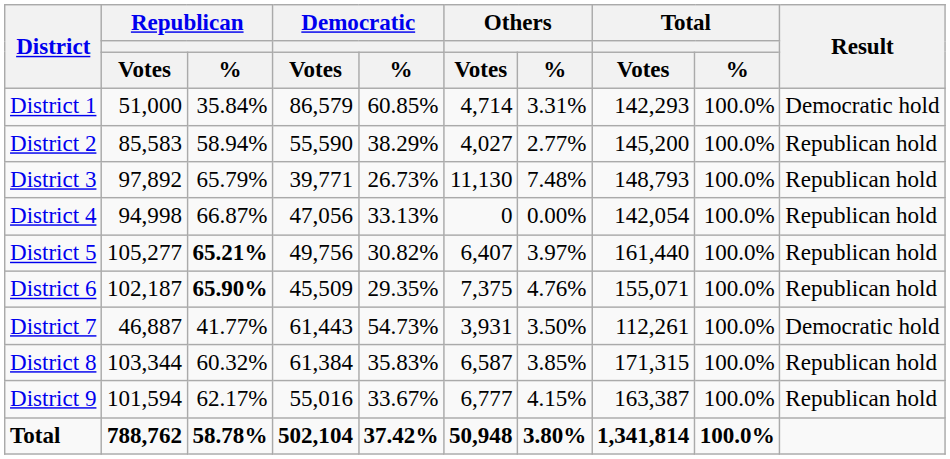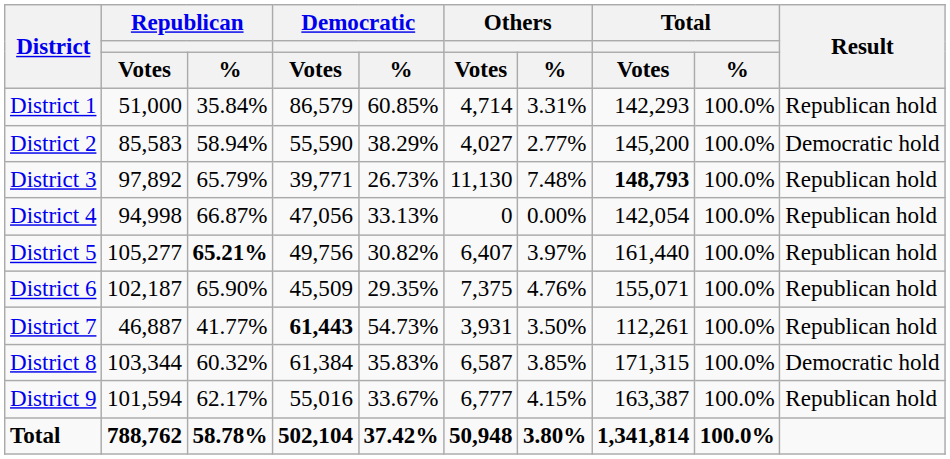 <table class="wikitable plainrowheaders sortable" style="font-size:100%; text-align:right;">
 <tr>
 <th scope=col rowspan=3><a href='#'>District</a></th>
 <th scope=col colspan=2><a href='#'>Republican</a></th>
 <th scope=col colspan=2><a href='#'>Democratic</a></th>
 <th scope=col colspan=2>Others</th>
 <th scope=col colspan=2>Total</th>
 <th scope=col rowspan=3>Result</th>
 </tr>
 <tr>
 <th scope=col colspan=2 style="background:"></th>
 <th scope=col colspan=2 style="background:"></th>
 <th scope=col colspan=2></th>
 <th scope=col colspan=2></th>
 </tr>
 <tr>
 <th scope=col data-sort-type="number">Votes</th>
 <th scope=col data-sort-type="number">%</th>
 <th scope=col data-sort-type="number">Votes</th>
 <th scope=col data-sort-type="number">%</th>
 <th scope=col data-sort-type="number">Votes</th>
 <th scope=col data-sort-type="number">%</th>
 <th scope=col data-sort-type="number">Votes</th>
 <th scope=col data-sort-type="number">%</th>
 </tr>
 <tr>
 <td align=left><a href='#'>District 1</a></td>
 <td>51,000</td>
 <td>35.84%</td>
 <td>86,579</td>
 <td>60.85%</td>
 <td>4,714</td>
 <td>3.31%</td>
 <td>142,293</td>
 <td>100.0%</td>
-<td align=left>Democratic hold</td>
+<td align=left>Republican hold</td>
 </tr>
 <tr>
 <td align=left><a href='#'>District 2</a></td>
 <td>85,583</td>
 <td>58.94%</td>
 <td>55,590</td>
 <td>38.29%</td>
 <td>4,027</td>
 <td>2.77%</td>
 <td>145,200</td>
 <td>100.0%</td>
-<td align=left>Republican hold</td>
+<td align=left>Democratic hold</td>
 </tr>
 <tr>
 <td align=left><a href='#'>District 3</a></td>
 <td>97,892</td>
 <td>65.79%</td>
 <td>39,771</td>
 <td>26.73%</td>
 <td>11,130</td>
 <td>7.48%</td>
-<td>148,793</td>
+<td><strong>148,793</strong></td>
 <td>100.0%</td>
 <td align=left>Republican hold</td>
 </tr>
 <tr>
 <td align=left><a href='#'>District 4</a></td>
 <td>94,998</td>
 <td>66.87%</td>
 <td>47,056</td>
 <td>33.13%</td>
 <td>0</td>
 <td>0.00%</td>
 <td>142,054</td>
 <td>100.0%</td>
 <td align=left>Republican hold</td>
 </tr>
 <tr>
 <td align=left><a href='#'>District 5</a></td>
 <td>105,277</td>
 <td><strong>65.21%</strong></td>
 <td>49,756</td>
 <td>30.82%</td>
 <td>6,407</td>
 <td>3.97%</td>
 <td>161,440</td>
 <td>100.0%</td>
 <td align=left>Republican hold</td>
 </tr>
 <tr>
 <td align=left><a href='#'>District 6</a></td>
 <td>102,187</td>
-<td><strong>65.90%</strong></td>
+<td>65.90%</td>
 <td>45,509</td>
 <td>29.35%</td>
 <td>7,375</td>
 <td>4.76%</td>
 <td>155,071</td>
 <td>100.0%</td>
 <td align=left>Republican hold</td>
 </tr>
 <tr>
 <td align=left><a href='#'>District 7</a></td>
 <td>46,887</td>
 <td>41.77%</td>
-<td>61,443</td>
+<td><strong>61,443</strong></td>
 <td>54.73%</td>
 <td>3,931</td>
 <td>3.50%</td>
 <td>112,261</td>
 <td>100.0%</td>
-<td align=left>Democratic hold</td>
+<td align=left>Republican hold</td>
 </tr>
 <tr>
 <td align=left><a href='#'>District 8</a></td>
 <td>103,344</td>
 <td>60.32%</td>
 <td>61,384</td>
 <td>35.83%</td>
 <td>6,587</td>
 <td>3.85%</td>
 <td>171,315</td>
 <td>100.0%</td>
-<td align=left>Republican hold</td>
+<td align=left>Democratic hold</td>
 </tr>
 <tr>
 <td align=left><a href='#'>District 9</a></td>
 <td>101,594</td>
 <td>62.17%</td>
 <td>55,016</td>
 <td>33.67%</td>
 <td>6,777</td>
 <td>4.15%</td>
 <td>163,387</td>
 <td>100.0%</td>
 <td align=left>Republican hold</td>
 </tr>
 <tr class="sortbottom" style="font-weight:bold">
 <td align=left>Total</td>
 <td>788,762</td>
 <td>58.78%</td>
 <td>502,104</td>
 <td>37.42%</td>
 <td>50,948</td>
 <td>3.80%</td>
 <td>1,341,814</td>
 <td>100.0%</td>
 <td></td>
 </tr>
 </table>
